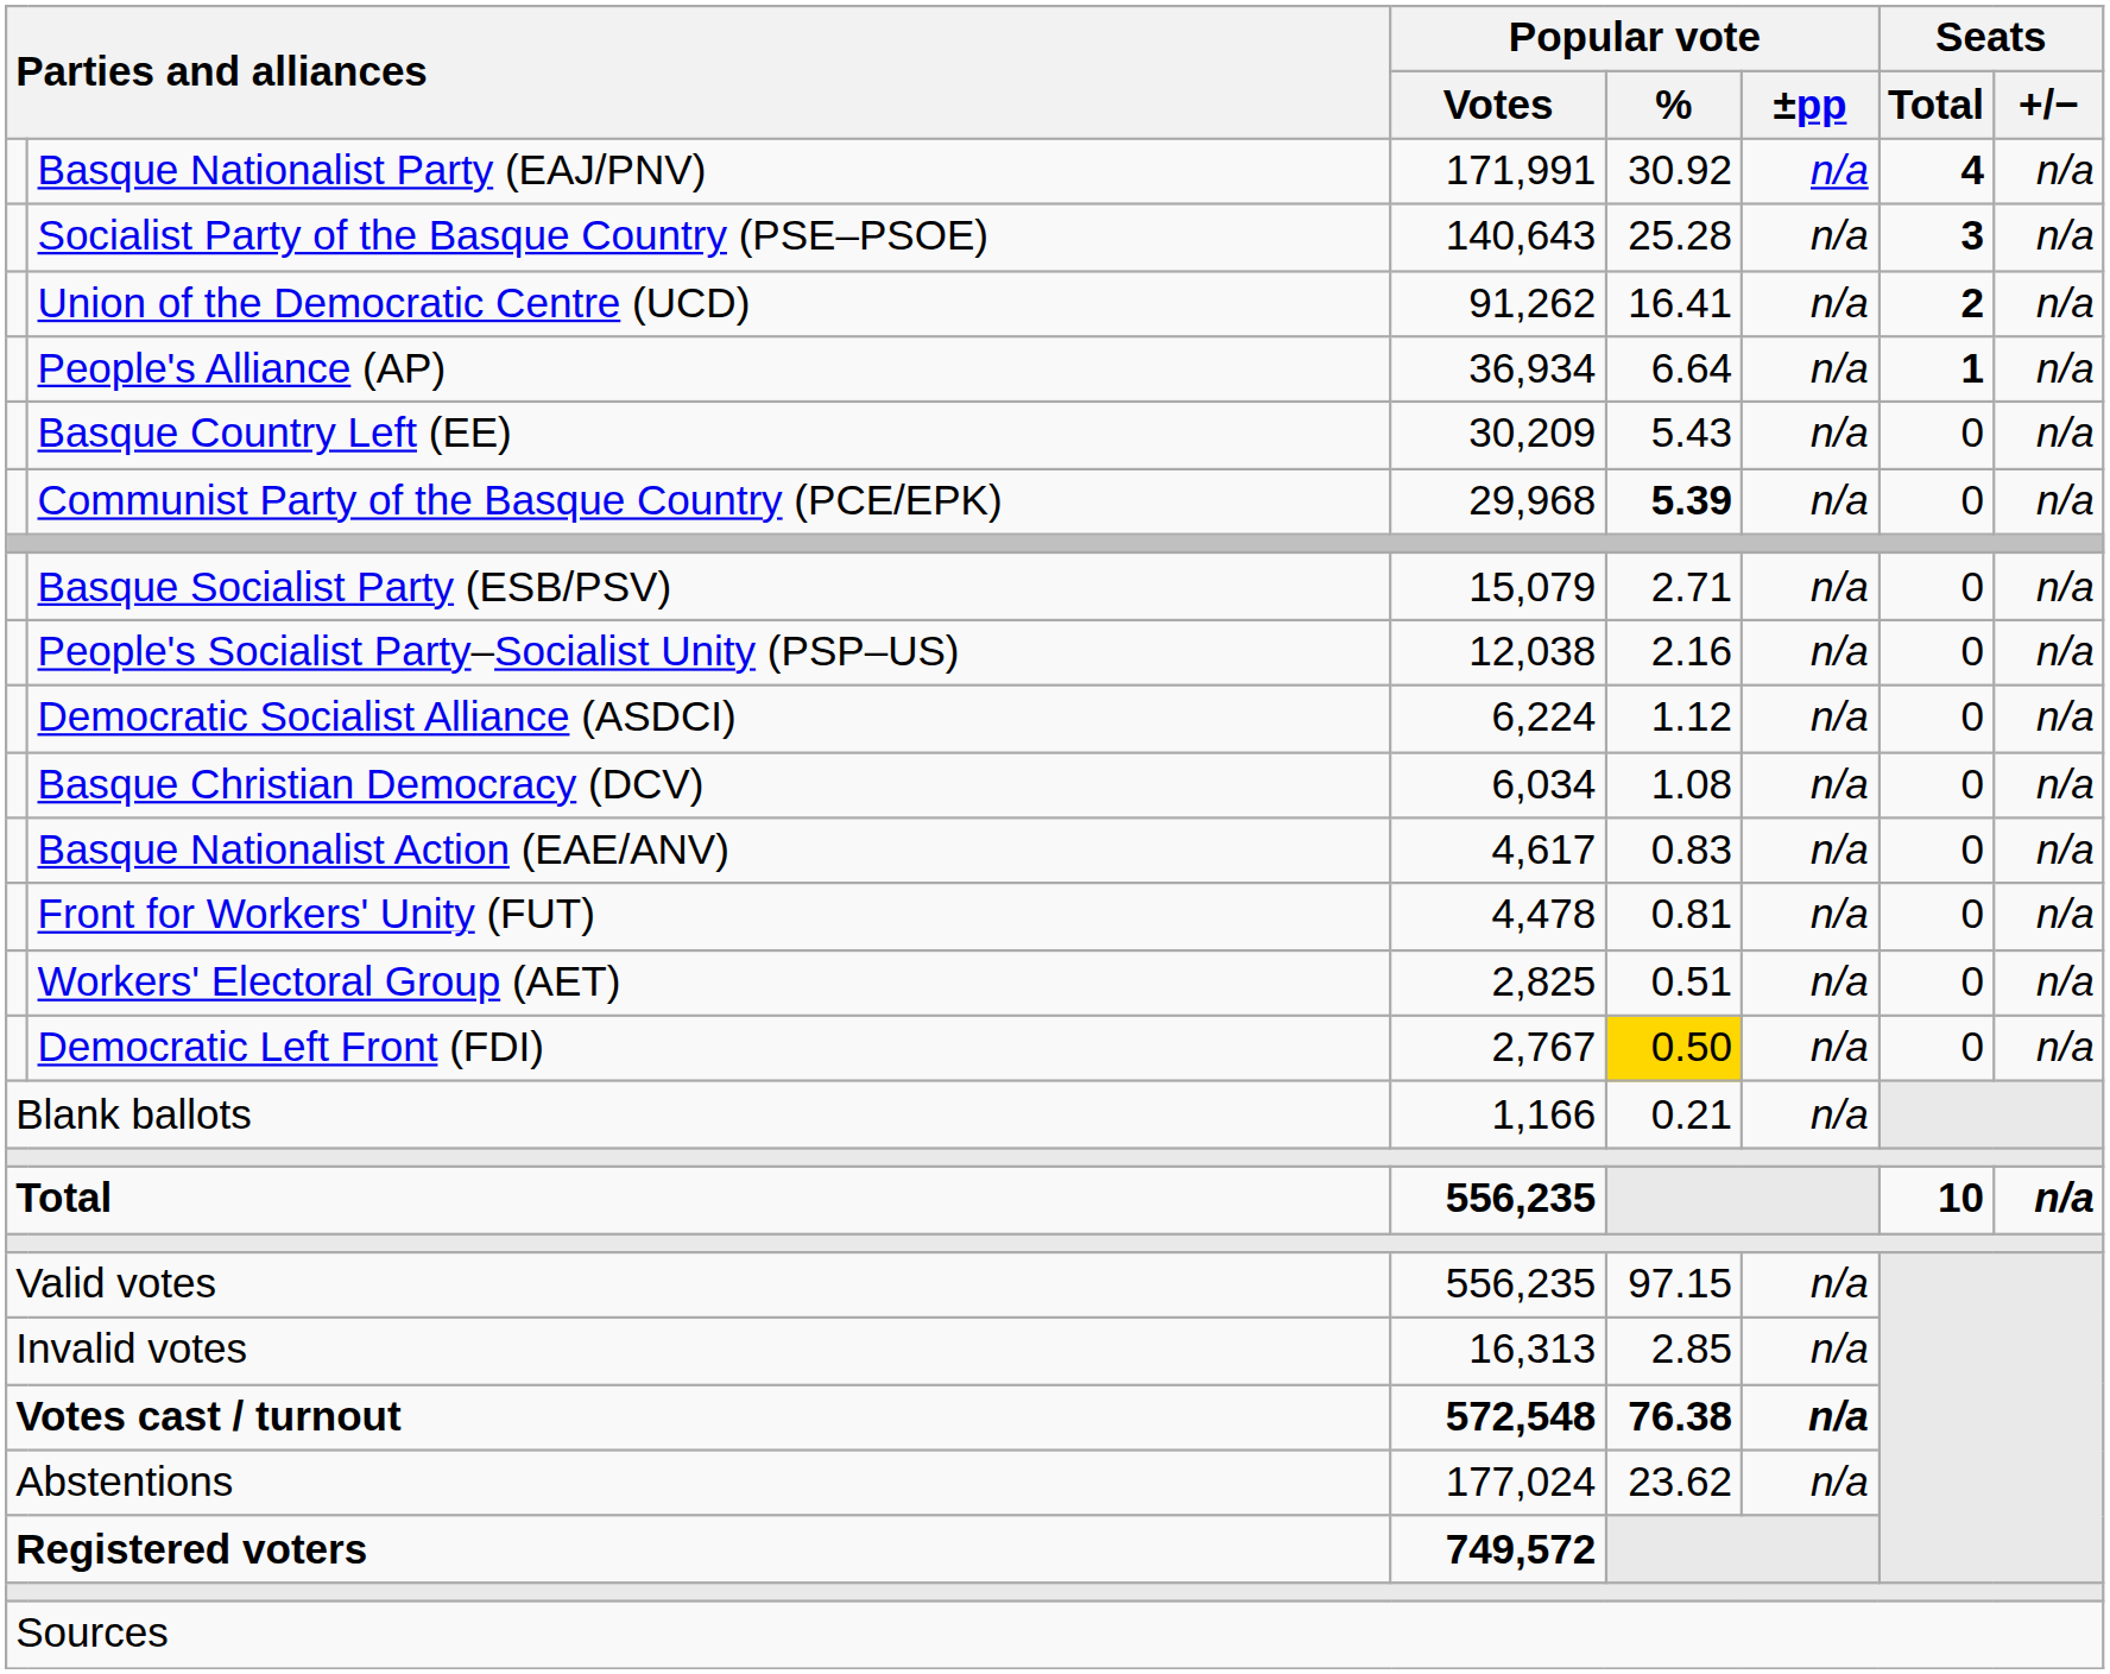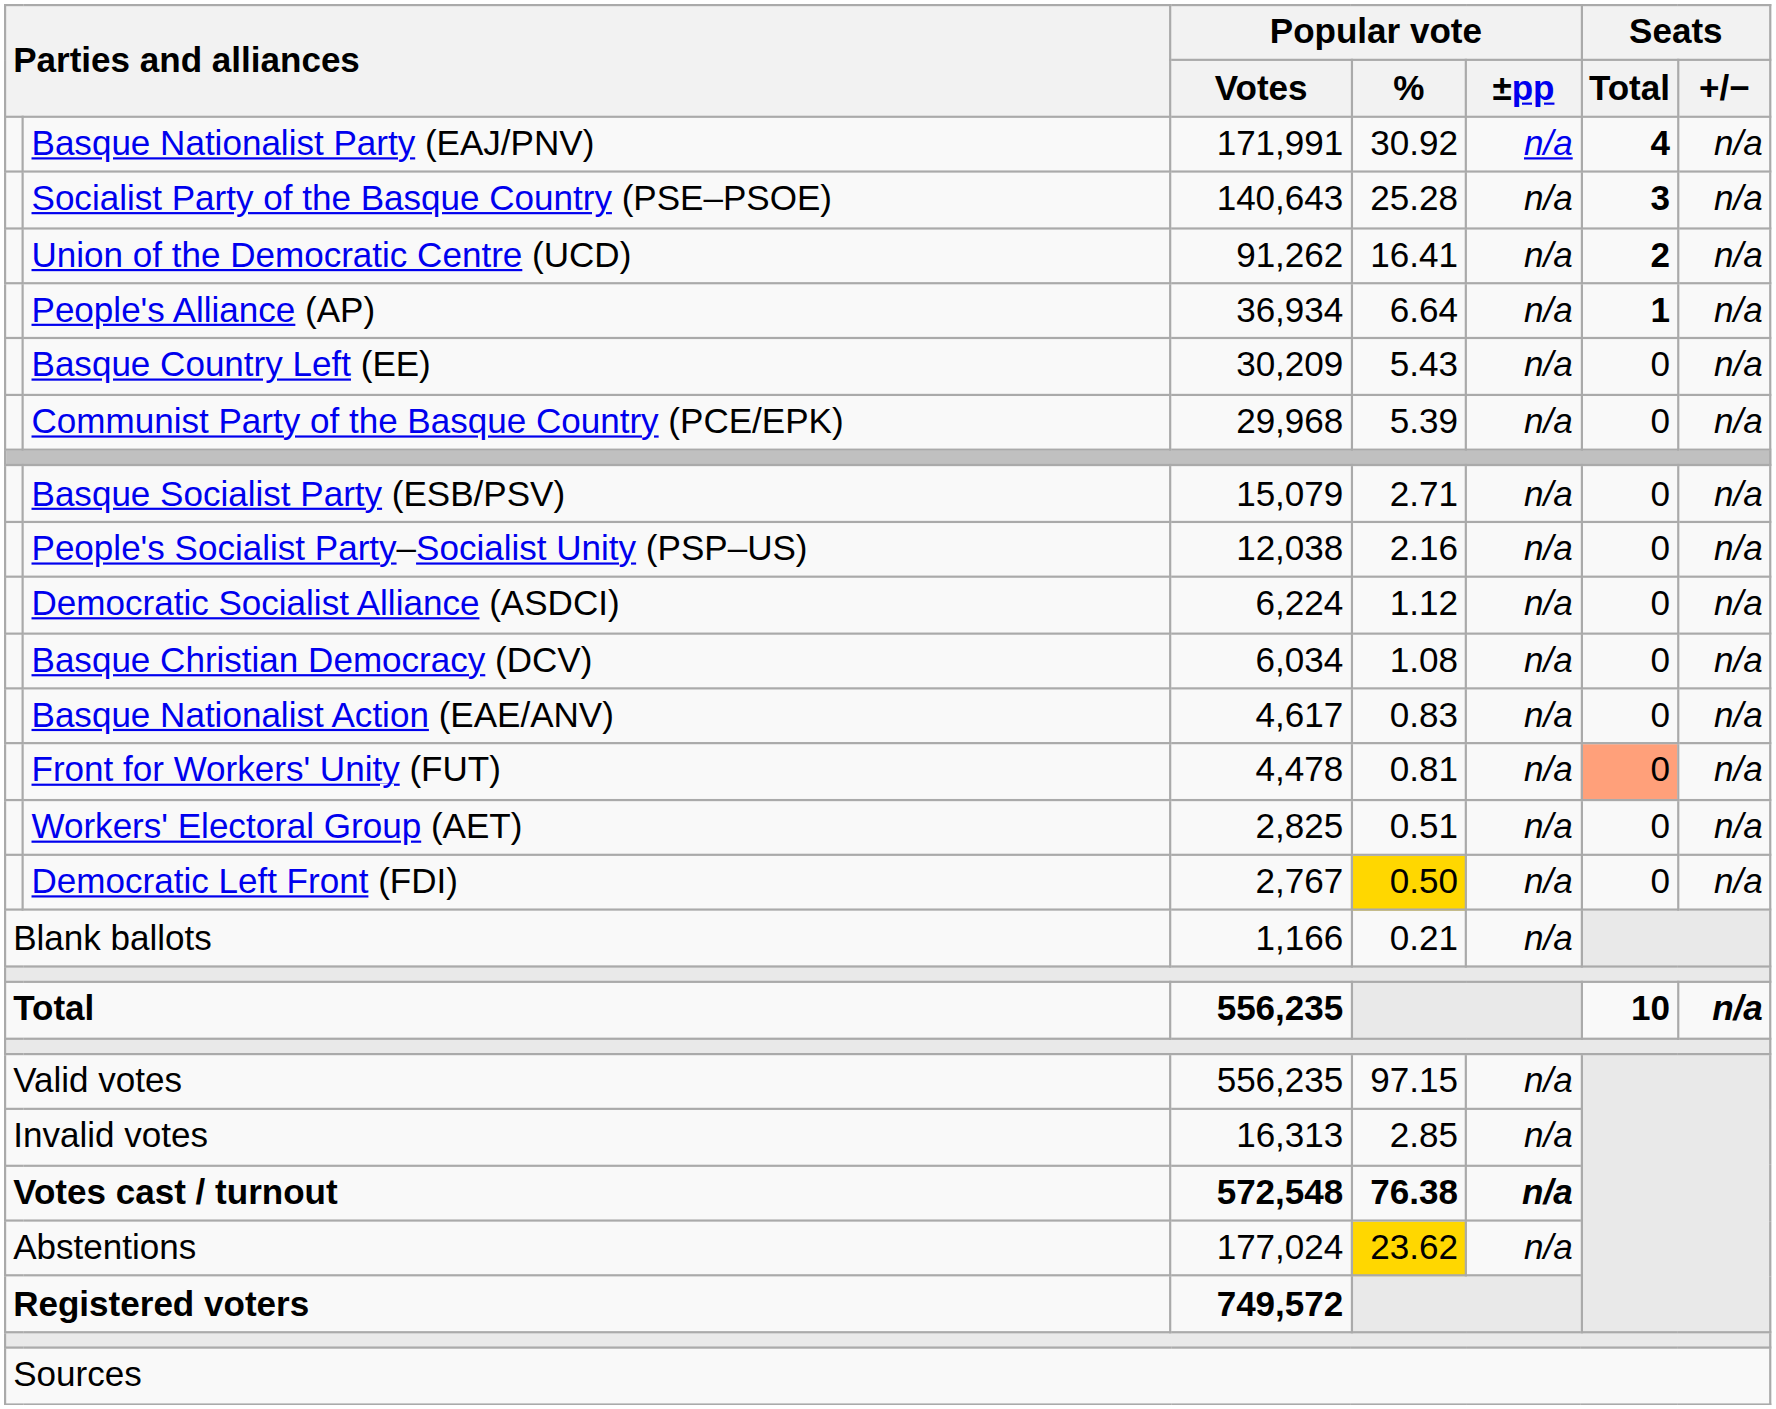 <table class="wikitable" style="text-align:right;">
 <tr>
 <th style="text-align:left;" rowspan="2" colspan="2" width="525">Parties and alliances</th>
 <th colspan="3">Popular vote</th>
 <th colspan="2">Seats</th>
 </tr>
 <tr>
 <th width="75">Votes</th>
 <th width="45">%</th>
 <th width="45">±<a href='#'>pp</a></th>
 <th width="35">Total</th>
 <th width="35">+/−</th>
 </tr>
 <tr>
 <td width="1" style="color:inherit;background:"></td>
 <td align="left"><a href='#'>Basque Nationalist Party</a> (EAJ/PNV)</td>
 <td>171,991</td>
 <td>30.92</td>
 <td><em><a href='#'>n/a</a></em></td>
 <td><strong>4</strong></td>
 <td><em>n/a</em></td>
 </tr>
 <tr>
 <td style="color:inherit;background:"></td>
 <td align="left"><a href='#'>Socialist Party of the Basque Country</a> (PSE–PSOE)</td>
 <td>140,643</td>
 <td>25.28</td>
 <td><em>n/a</em></td>
 <td><strong>3</strong></td>
 <td><em>n/a</em></td>
 </tr>
 <tr>
 <td style="color:inherit;background:"></td>
 <td align="left"><a href='#'>Union of the Democratic Centre</a> (UCD)</td>
 <td>91,262</td>
 <td>16.41</td>
 <td><em>n/a</em></td>
 <td><strong>2</strong></td>
 <td><em>n/a</em></td>
 </tr>
 <tr>
 <td style="color:inherit;background:"></td>
 <td align="left"><a href='#'>People's Alliance</a> (AP)</td>
 <td>36,934</td>
 <td>6.64</td>
 <td><em>n/a</em></td>
 <td><strong>1</strong></td>
 <td><em>n/a</em></td>
 </tr>
 <tr>
 <td style="color:inherit;background:"></td>
 <td align="left"><a href='#'>Basque Country Left</a> (EE)</td>
 <td>30,209</td>
 <td>5.43</td>
 <td><em>n/a</em></td>
 <td>0</td>
 <td><em>n/a</em></td>
 </tr>
 <tr>
 <td style="color:inherit;background:"></td>
 <td align="left"><a href='#'>Communist Party of the Basque Country</a> (PCE/EPK)</td>
 <td>29,968</td>
-<td><strong>5.39</strong></td>
+<td>5.39</td>
 <td><em>n/a</em></td>
 <td>0</td>
 <td><em>n/a</em></td>
 </tr>
 <tr>
 <td colspan="7" bgcolor="#C0C0C0"></td>
 </tr>
 <tr>
 <td style="color:inherit;background:"></td>
 <td align="left"><a href='#'>Basque Socialist Party</a> (ESB/PSV)</td>
 <td>15,079</td>
 <td>2.71</td>
 <td><em>n/a</em></td>
 <td>0</td>
 <td><em>n/a</em></td>
 </tr>
 <tr>
 <td style="color:inherit;background:"></td>
 <td align="left"><a href='#'>People's Socialist Party</a>–<a href='#'>Socialist Unity</a> (PSP–US)</td>
 <td>12,038</td>
 <td>2.16</td>
 <td><em>n/a</em></td>
 <td>0</td>
 <td><em>n/a</em></td>
 </tr>
 <tr>
 <td style="color:inherit;background:"></td>
 <td align="left"><a href='#'>Democratic Socialist Alliance</a> (ASDCI)</td>
 <td>6,224</td>
 <td>1.12</td>
 <td><em>n/a</em></td>
 <td>0</td>
 <td><em>n/a</em></td>
 </tr>
 <tr>
 <td style="color:inherit;background:"></td>
 <td align="left"><a href='#'>Basque Christian Democracy</a> (DCV)</td>
 <td>6,034</td>
 <td>1.08</td>
 <td><em>n/a</em></td>
 <td>0</td>
 <td><em>n/a</em></td>
 </tr>
 <tr>
 <td style="color:inherit;background:"></td>
 <td align="left"><a href='#'>Basque Nationalist Action</a> (EAE/ANV)</td>
 <td>4,617</td>
 <td>0.83</td>
 <td><em>n/a</em></td>
 <td>0</td>
 <td><em>n/a</em></td>
 </tr>
 <tr>
 <td style="color:inherit;background:"></td>
 <td align="left"><a href='#'>Front for Workers' Unity</a> (FUT)</td>
 <td>4,478</td>
 <td>0.81</td>
 <td><em>n/a</em></td>
-<td>0</td>
+<td style="background: lightsalmon;">0</td>
 <td><em>n/a</em></td>
 </tr>
 <tr>
 <td style="color:inherit;background:"></td>
 <td align="left"><a href='#'>Workers' Electoral Group</a> (AET)</td>
 <td>2,825</td>
 <td>0.51</td>
 <td><em>n/a</em></td>
 <td>0</td>
 <td><em>n/a</em></td>
 </tr>
 <tr>
 <td style="color:inherit;background:"></td>
 <td align="left"><a href='#'>Democratic Left Front</a> (FDI)</td>
 <td>2,767</td>
 <td style="background: gold;">0.50</td>
 <td><em>n/a</em></td>
 <td>0</td>
 <td><em>n/a</em></td>
 </tr>
 <tr>
 <td align="left" colspan="2">Blank ballots</td>
 <td>1,166</td>
 <td>0.21</td>
 <td><em>n/a</em></td>
 <td bgcolor="#E9E9E9" colspan="2"></td>
 </tr>
 <tr>
 <td colspan="7" bgcolor="#E9E9E9"></td>
 </tr>
 <tr style="font-weight:bold;">
 <td align="left" colspan="2">Total</td>
 <td>556,235</td>
 <td bgcolor="#E9E9E9" colspan="2"></td>
 <td>10</td>
 <td><em>n/a</em></td>
 </tr>
 <tr>
 <td colspan="7" bgcolor="#E9E9E9"></td>
 </tr>
 <tr>
 <td align="left" colspan="2">Valid votes</td>
 <td>556,235</td>
 <td>97.15</td>
 <td><em>n/a</em></td>
 <td bgcolor="#E9E9E9" colspan="2" rowspan="5"></td>
 </tr>
 <tr>
 <td align="left" colspan="2">Invalid votes</td>
 <td>16,313</td>
 <td>2.85</td>
 <td><em>n/a</em></td>
 </tr>
 <tr style="font-weight:bold;">
 <td align="left" colspan="2">Votes cast / turnout</td>
 <td>572,548</td>
 <td>76.38</td>
 <td><em>n/a</em></td>
 </tr>
 <tr>
 <td align="left" colspan="2">Abstentions</td>
 <td>177,024</td>
-<td>23.62</td>
+<td style="background: gold;">23.62</td>
 <td><em>n/a</em></td>
 </tr>
 <tr style="font-weight:bold;">
 <td align="left" colspan="2">Registered voters</td>
 <td>749,572</td>
 <td bgcolor="#E9E9E9" colspan="2"></td>
 </tr>
 <tr>
 <td colspan="7" bgcolor="#E9E9E9"></td>
 </tr>
 <tr>
 <td align="left" colspan="7">Sources</td>
 </tr>
 </table>
